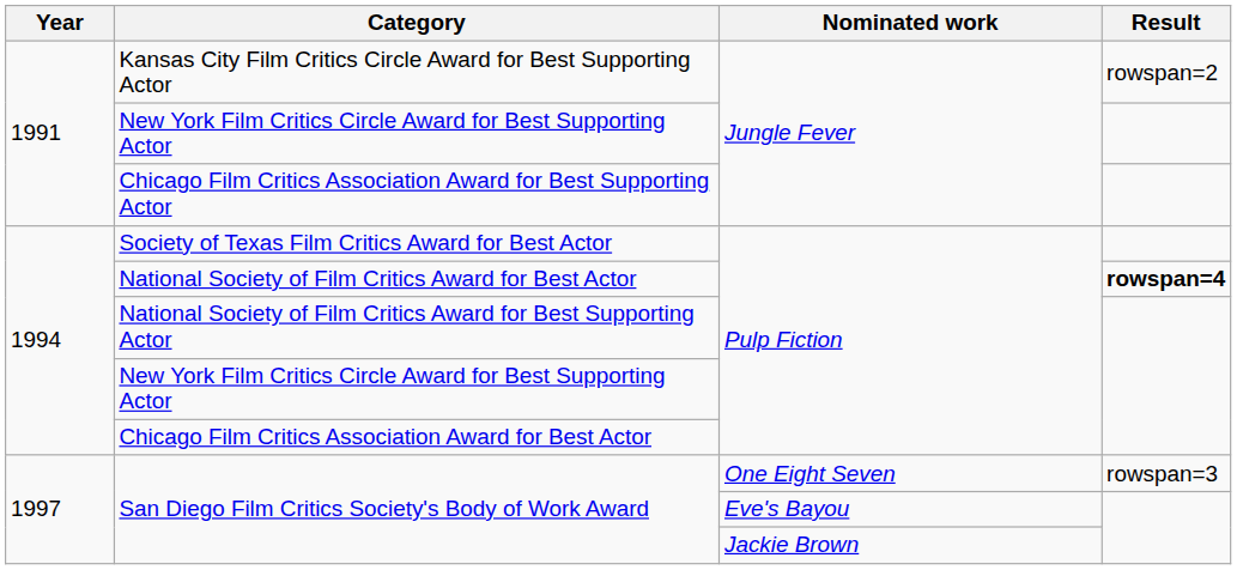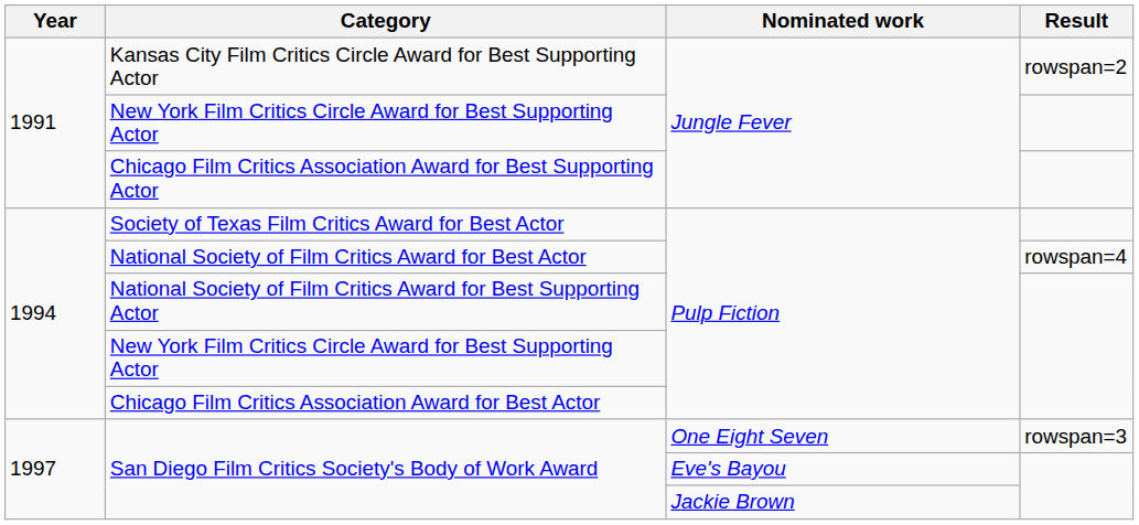 <table class=wikitable>
 <tr>
 <th scope="col" style="width:5em;">Year</th>
 <th scope="col" style="width:33em;">Category</th>
 <th scope="col" style="width:20em;">Nominated work</th>
 <th scope="col" style="width:5em;">Result</th>
 </tr>
 <tr>
 <td rowspan="3">1991</td>
 <td>Kansas City Film Critics Circle Award for Best Supporting Actor</td>
 <td rowspan="3"><em><a href='#'>Jungle Fever</a></em></td>
 <td>rowspan=2 </td>
 </tr>
 <tr>
 <td><a href='#'>New York Film Critics Circle Award for Best Supporting Actor</a></td>
 </tr>
 <tr>
 <td><a href='#'>Chicago Film Critics Association Award for Best Supporting Actor</a></td>
 <td></td>
 </tr>
 <tr>
 <td rowspan=5>1994</td>
 <td><a href='#'>Society of Texas Film Critics Award for Best Actor</a></td>
 <td rowspan=5><em><a href='#'>Pulp Fiction</a></em></td>
 <td></td>
 </tr>
 <tr>
 <td><a href='#'>National Society of Film Critics Award for Best Actor</a></td>
-<td><strong>rowspan=4 </strong></td>
+<td>rowspan=4 </td>
 </tr>
 <tr>
 <td><a href='#'>National Society of Film Critics Award for Best Supporting Actor</a></td>
 </tr>
 <tr>
 <td><a href='#'>New York Film Critics Circle Award for Best Supporting Actor</a></td>
 </tr>
 <tr>
 <td><a href='#'>Chicago Film Critics Association Award for Best Actor</a></td>
 </tr>
 <tr>
 <td rowspan=3>1997</td>
 <td rowspan=3><a href='#'>San Diego Film Critics Society's Body of Work Award</a></td>
 <td><em><a href='#'>One Eight Seven</a></em></td>
 <td>rowspan=3 </td>
 </tr>
 <tr>
 <td><em><a href='#'>Eve's Bayou</a></em></td>
 </tr>
 <tr>
 <td><em><a href='#'>Jackie Brown</a></em></td>
 </tr>
 </table>
